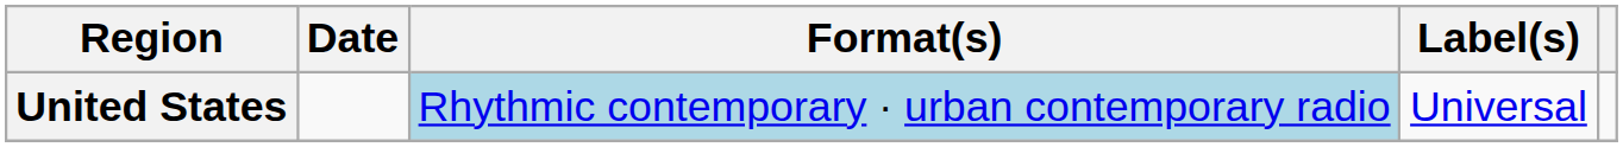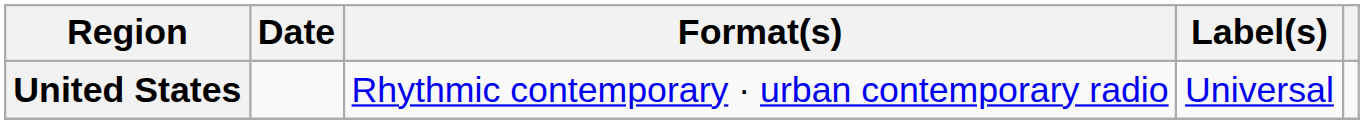 <table class="wikitable plainrowheaders" style="text-align:left">
 <tr>
 <th scope="col">Region</th>
 <th scope="col">Date</th>
 <th scope="col">Format(s)</th>
 <th scope="col">Label(s)</th>
 <th scope="col"></th>
 </tr>
 <tr>
 <th scope="row">United States</th>
 <td></td>
-<td style="background: lightblue;"><a href='#'>Rhythmic contemporary</a> · <a href='#'>urban contemporary radio</a></td>
+<td><a href='#'>Rhythmic contemporary</a> · <a href='#'>urban contemporary radio</a></td>
 <td><a href='#'>Universal</a></td>
 <td></td>
 </tr>
 <tr>
 </tr>
 </table>
